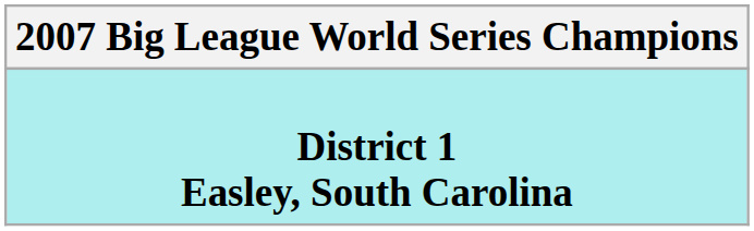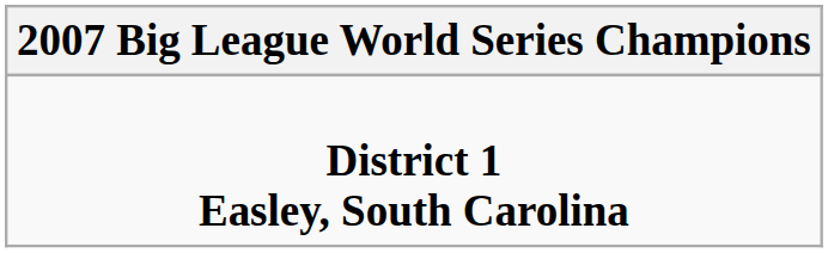 <table class="wikitable" style="text-align: center; margin: 0 auto;">
 <tr>
 <th>2007 Big League World Series Champions</th>
 </tr>
 <tr>
 </tr>
 <tr>
-<td style="background: paleturquoise;"><br><strong>District 1</strong><br> <strong>Easley, South Carolina</strong></td>
+<td><br><strong>District 1</strong><br> <strong>Easley, South Carolina</strong></td>
 </tr>
 </table>
